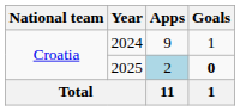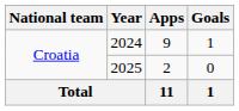 <table class="wikitable" style="text-align: center;">
 <tr>
 <th>National team</th>
 <th>Year</th>
 <th>Apps</th>
 <th>Goals</th>
 </tr>
 <tr>
 <td rowspan="2"><a href='#'>Croatia</a></td>
 <td>2024</td>
 <td>9</td>
 <td>1</td>
 </tr>
 <tr>
 <td>2025</td>
-<td style="background: lightblue;">2</td>
-<td><strong>0</strong></td>
+<td>2</td>
+<td>0</td>
 </tr>
 <tr>
 <th colspan="2">Total</th>
 <th>11</th>
 <th>1</th>
 </tr>
 </table>
